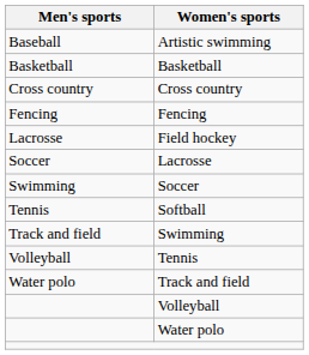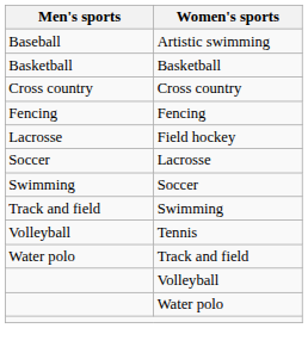 <table class="wikitable"; style= "text-align: ">
 <tr>
 <th width=150px>Men's sports</th>
 <th width=150px>Women's sports</th>
 </tr>
 <tr>
 <td>Baseball</td>
 <td>Artistic swimming</td>
 </tr>
 <tr>
 <td>Basketball</td>
 <td>Basketball</td>
 </tr>
 <tr>
 <td>Cross country</td>
 <td>Cross country</td>
 </tr>
 <tr>
 <td>Fencing</td>
 <td>Fencing</td>
 </tr>
 <tr>
 <td>Lacrosse</td>
 <td>Field hockey</td>
 </tr>
 <tr>
 <td>Soccer</td>
 <td>Lacrosse</td>
 </tr>
 <tr>
 <td>Swimming</td>
 <td>Soccer</td>
 </tr>
 <tr>
-<td>Tennis</td>
-<td>Softball</td>
-</tr>
-<tr>
 <td>Track and field</td>
 <td>Swimming</td>
 </tr>
 <tr>
 <td>Volleyball</td>
 <td>Tennis</td>
 </tr>
 <tr>
 <td>Water polo</td>
 <td>Track and field</td>
 </tr>
 <tr>
 <td></td>
 <td>Volleyball</td>
 </tr>
 <tr>
 <td></td>
 <td>Water polo</td>
 </tr>
 <tr>
 <td colspan=2></td>
 </tr>
 </table>
